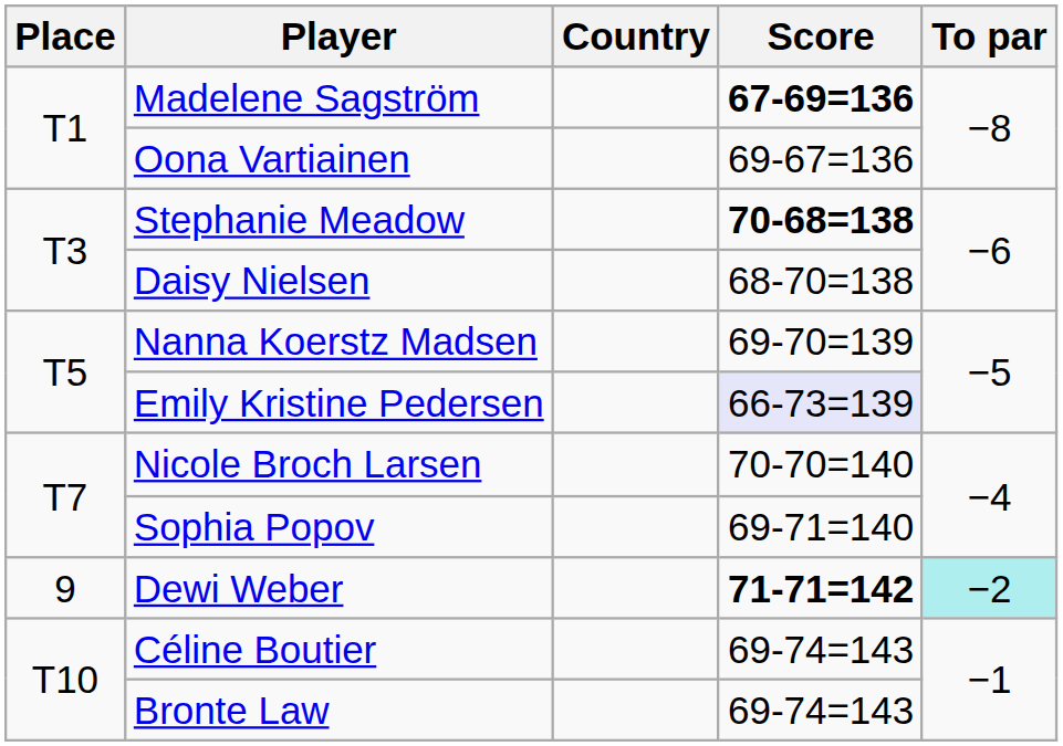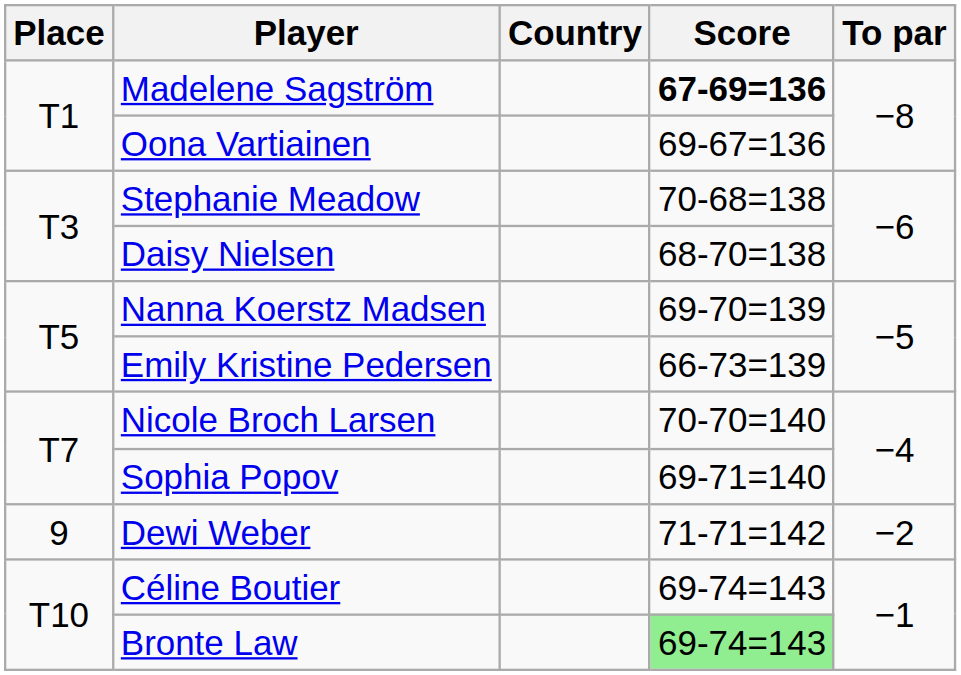 <table class="wikitable" style="font-size:95%;">
 <tr>
 <th>Place</th>
 <th>Player</th>
 <th>Country</th>
 <th>Score</th>
 <th>To par</th>
 </tr>
 <tr>
 <td rowspan="2" align=center>T1</td>
 <td><a href='#'>Madelene Sagström</a></td>
 <td></td>
 <td align=center><strong>67-69=136</strong></td>
 <td rowspan="2" align=center>−8</td>
 </tr>
 <tr>
 <td><a href='#'>Oona Vartiainen</a></td>
 <td></td>
 <td align=center>69-67=136</td>
 </tr>
 <tr>
 <td rowspan="2" align=center>T3</td>
 <td><a href='#'>Stephanie Meadow</a></td>
 <td></td>
-<td align="center"><strong>70-68=138</strong></td>
+<td align="center">70-68=138</td>
 <td rowspan="2" align=center>−6</td>
 </tr>
 <tr>
 <td><a href='#'>Daisy Nielsen</a></td>
 <td></td>
 <td align=center>68-70=138</td>
 </tr>
 <tr>
 <td rowspan="2" align=center>T5</td>
 <td><a href='#'>Nanna Koerstz Madsen</a></td>
 <td></td>
 <td align="center">69-70=139</td>
 <td rowspan="2" align=center>−5</td>
 </tr>
 <tr>
 <td><a href='#'>Emily Kristine Pedersen</a></td>
 <td></td>
-<td align=center style="background: lavender;">66-73=139</td>
+<td align=center>66-73=139</td>
 </tr>
 <tr>
 <td rowspan="2" align=center>T7</td>
 <td><a href='#'>Nicole Broch Larsen</a></td>
 <td></td>
 <td align=center>70-70=140</td>
 <td rowspan="2" align=center>−4</td>
 </tr>
 <tr>
 <td><a href='#'>Sophia Popov</a></td>
 <td></td>
 <td align=center>69-71=140</td>
 </tr>
 <tr>
 <td align=center>9</td>
 <td><a href='#'>Dewi Weber</a></td>
 <td></td>
-<td align=center><strong>71-71=142</strong></td>
-<td align=center style="background: paleturquoise;">−2</td>
+<td align=center>71-71=142</td>
+<td align=center>−2</td>
 </tr>
 <tr>
 <td rowspan="2" align=center>T10</td>
 <td><a href='#'>Céline Boutier</a></td>
 <td></td>
 <td align=center>69-74=143</td>
 <td rowspan="2" align=center>−1</td>
 </tr>
 <tr>
 <td><a href='#'>Bronte Law</a></td>
 <td></td>
-<td align=center>69-74=143</td>
+<td align=center style="background: lightgreen;">69-74=143</td>
 </tr>
 </table>
